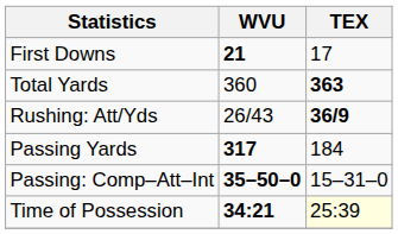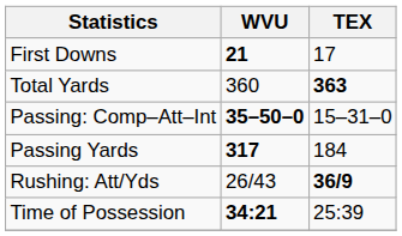 <table class="wikitable" style="float: left;">
 <tr>
 <th>Statistics</th>
 <th>WVU</th>
 <th>TEX</th>
 </tr>
 <tr>
 <td>First Downs</td>
 <td><strong>21</strong></td>
 <td>17</td>
 </tr>
 <tr>
 <td>Total Yards</td>
 <td>360</td>
 <td><strong>363</strong></td>
 </tr>
 <tr>
-<td>Rushing: Att/Yds</td>
-<td>26/43</td>
-<td><strong>36/9</strong></td>
+<td>Passing: Comp–Att–Int</td>
+<td><strong>35–50–0</strong></td>
+<td>15–31–0</td>
 </tr>
 <tr>
 <td>Passing Yards</td>
 <td><strong>317</strong></td>
 <td>184</td>
 </tr>
 <tr>
-<td>Passing: Comp–Att–Int</td>
-<td><strong>35–50–0</strong></td>
-<td>15–31–0</td>
+<td>Rushing: Att/Yds</td>
+<td>26/43</td>
+<td><strong>36/9</strong></td>
 </tr>
 <tr>
 <td>Time of Possession</td>
 <td><strong>34:21</strong></td>
-<td style="background: lightyellow;">25:39</td>
+<td>25:39</td>
 </tr>
 <tr>
 </tr>
 </table>
